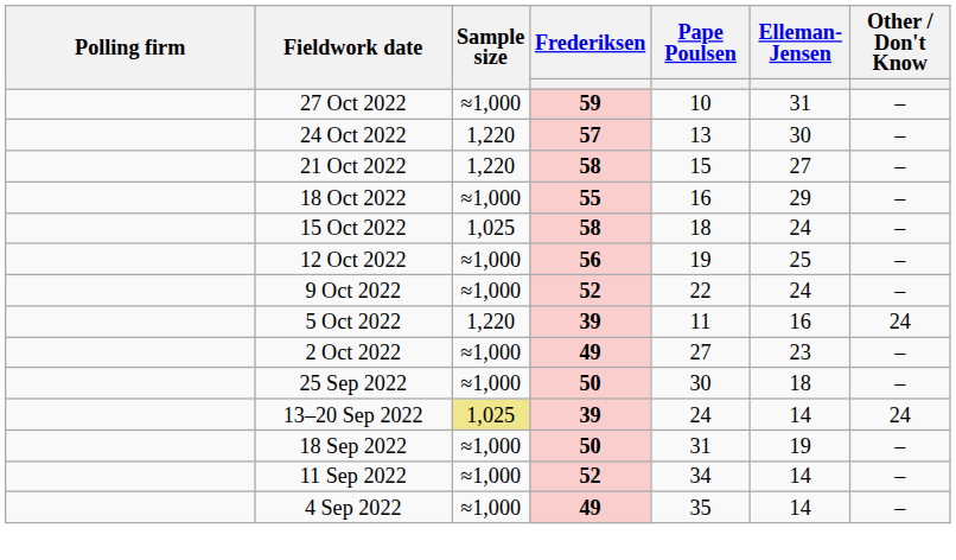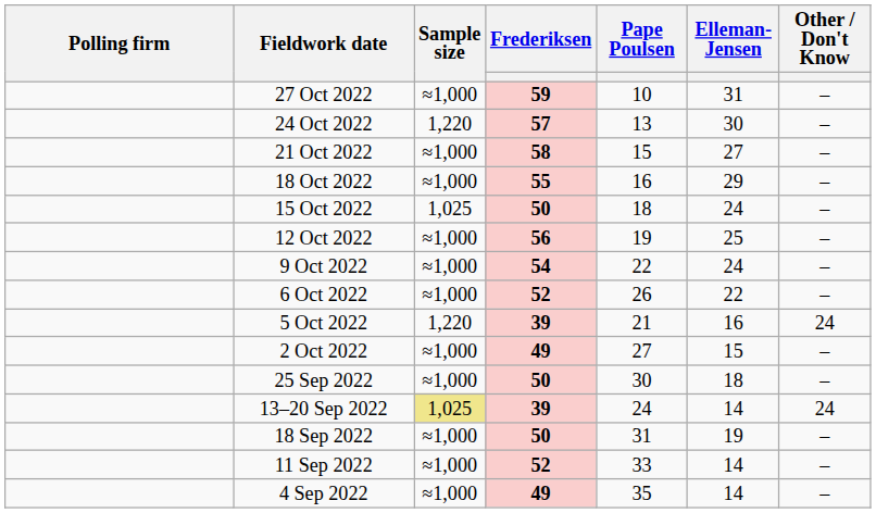 <table class="wikitable sortable mw-datatable" style="text-align:center;font-size:90%;line-height:14px;">
 <tr style="height:40px;">
 <th rowspan="2" style="width:160px;">Polling firm</th>
 <th rowspan="2" style="width:125px;">Fieldwork date</th>
 <th rowspan="2" style="width:35px;">Sample<br>size</th>
 <th class="unsortable" style="width:60px;"><a href='#'>Frederiksen</a><br></th>
 <th class="unsortable" style="width:60px;"><a href='#'>Pape Poulsen</a><br></th>
 <th class="unsortable" style="width:60px;"><a href='#'>Elleman-Jensen</a><br></th>
 <th class="unsortable" style="width:60px;">Other / Don't Know</th>
 </tr>
 <tr>
 <th style="color:inherit;background:"></th>
 <th style="color:inherit;background:"></th>
 <th style="color:inherit;background:"></th>
 <th style="color:inherit;background:"></th>
 </tr>
 <tr>
 <td></td>
 <td>27 Oct 2022</td>
 <td>≈1,000</td>
 <td style="background:#FACECD;"><strong>59</strong></td>
 <td>10</td>
 <td>31</td>
 <td>–</td>
 </tr>
 <tr>
 <td></td>
 <td>24 Oct 2022</td>
 <td>1,220</td>
 <td style="background:#FACECD;"><strong>57</strong></td>
 <td>13</td>
 <td>30</td>
 <td>–</td>
 </tr>
 <tr>
 <td></td>
 <td>21 Oct 2022</td>
-<td>1,220</td>
+<td>≈1,000</td>
 <td style="background:#FACECD;"><strong>58</strong></td>
 <td>15</td>
 <td>27</td>
 <td>–</td>
 </tr>
 <tr>
 <td></td>
 <td>18 Oct 2022</td>
 <td>≈1,000</td>
 <td style="background:#FACECD;"><strong>55</strong></td>
 <td>16</td>
 <td>29</td>
 <td>–</td>
 </tr>
 <tr>
 <td></td>
 <td>15 Oct 2022</td>
 <td>1,025</td>
-<td style="background:#FACECD;"><strong>58</strong></td>
+<td style="background:#FACECD;"><strong>50</strong></td>
 <td>18</td>
 <td>24</td>
 <td>–</td>
 </tr>
 <tr>
 <td></td>
 <td>12 Oct 2022</td>
 <td>≈1,000</td>
 <td style="background:#FACECD;"><strong>56</strong></td>
 <td>19</td>
 <td>25</td>
 <td>–</td>
 </tr>
 <tr>
 <td></td>
 <td>9 Oct 2022</td>
 <td>≈1,000</td>
-<td style="background:#FACECD;"><strong>52</strong></td>
+<td style="background:#FACECD;"><strong>54</strong></td>
 <td>22</td>
 <td>24</td>
+<td>–</td>
+</tr>
+<tr>
+<td></td>
+<td>6 Oct 2022</td>
+<td>≈1,000</td>
+<td style="background:#FACECD;"><strong>52</strong></td>
+<td>26</td>
+<td>22</td>
 <td>–</td>
 </tr>
 <tr>
 <td></td>
 <td>5 Oct 2022</td>
 <td>1,220</td>
 <td style="background:#FACECD;"><strong>39</strong></td>
-<td>11</td>
+<td>21</td>
 <td>16</td>
 <td>24</td>
 </tr>
 <tr>
 <td></td>
 <td>2 Oct 2022</td>
 <td>≈1,000</td>
 <td style="background:#FACECD;"><strong>49</strong></td>
 <td>27</td>
-<td>23</td>
+<td>15</td>
 <td>–</td>
 </tr>
 <tr>
 <td></td>
 <td>25 Sep 2022</td>
 <td>≈1,000</td>
 <td style="background:#FACECD;"><strong>50</strong></td>
 <td>30</td>
 <td>18</td>
 <td>–</td>
 </tr>
 <tr>
 <td></td>
 <td>13–20 Sep 2022</td>
 <td style="background: khaki;">1,025</td>
 <td style="background:#FACECD;"><strong>39</strong></td>
 <td>24</td>
 <td>14</td>
 <td>24</td>
 </tr>
 <tr>
 <td></td>
 <td>18 Sep 2022</td>
 <td>≈1,000</td>
 <td style="background:#FACECD;"><strong>50</strong></td>
 <td>31</td>
 <td>19</td>
 <td>–</td>
 </tr>
 <tr>
 <td></td>
 <td>11 Sep 2022</td>
 <td>≈1,000</td>
 <td style="background:#FACECD;"><strong>52</strong></td>
-<td>34</td>
+<td>33</td>
 <td>14</td>
 <td>–</td>
 </tr>
 <tr>
 <td></td>
 <td data-sort-value="2020-06-10">4 Sep 2022</td>
 <td>≈1,000</td>
 <td style="background:#FACECD;"><strong>49</strong></td>
 <td>35</td>
 <td>14</td>
 <td>–</td>
 </tr>
 </table>
